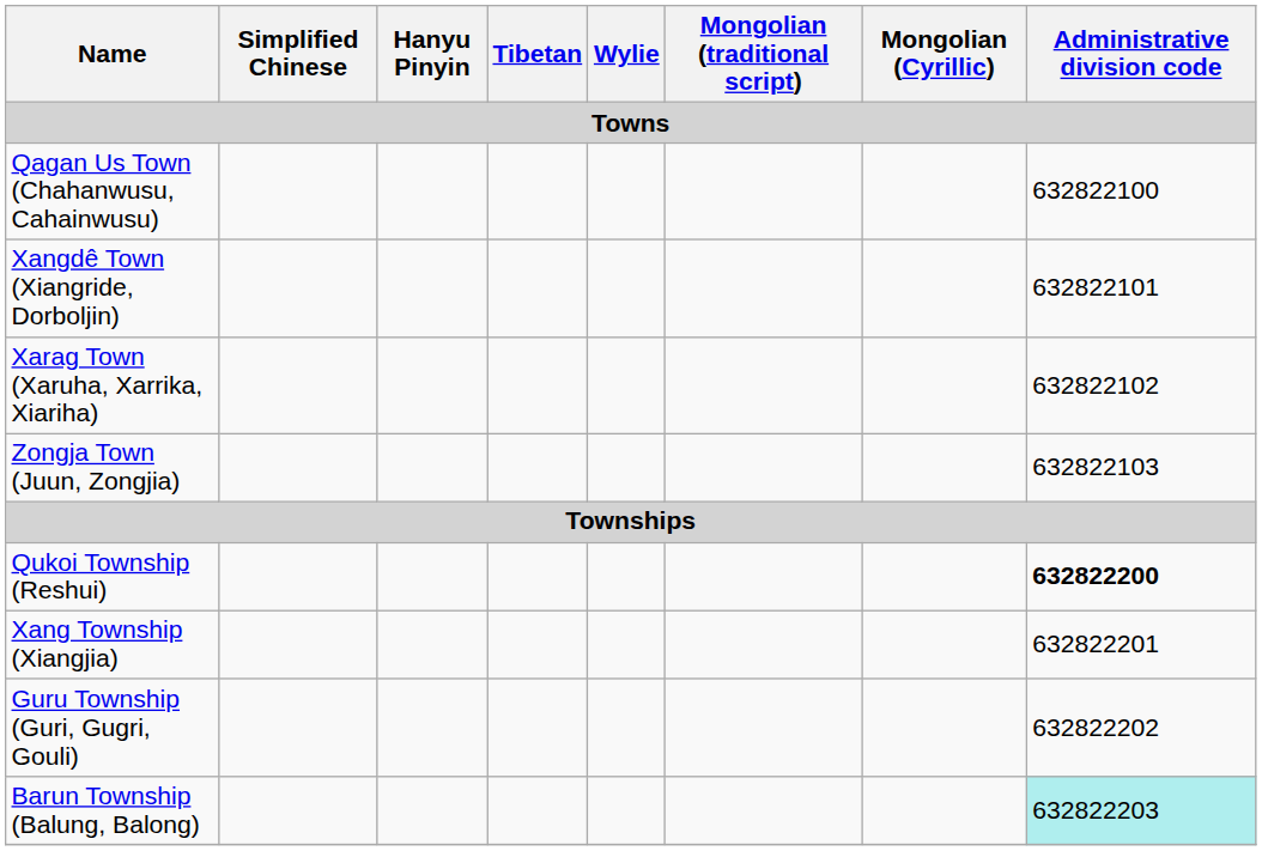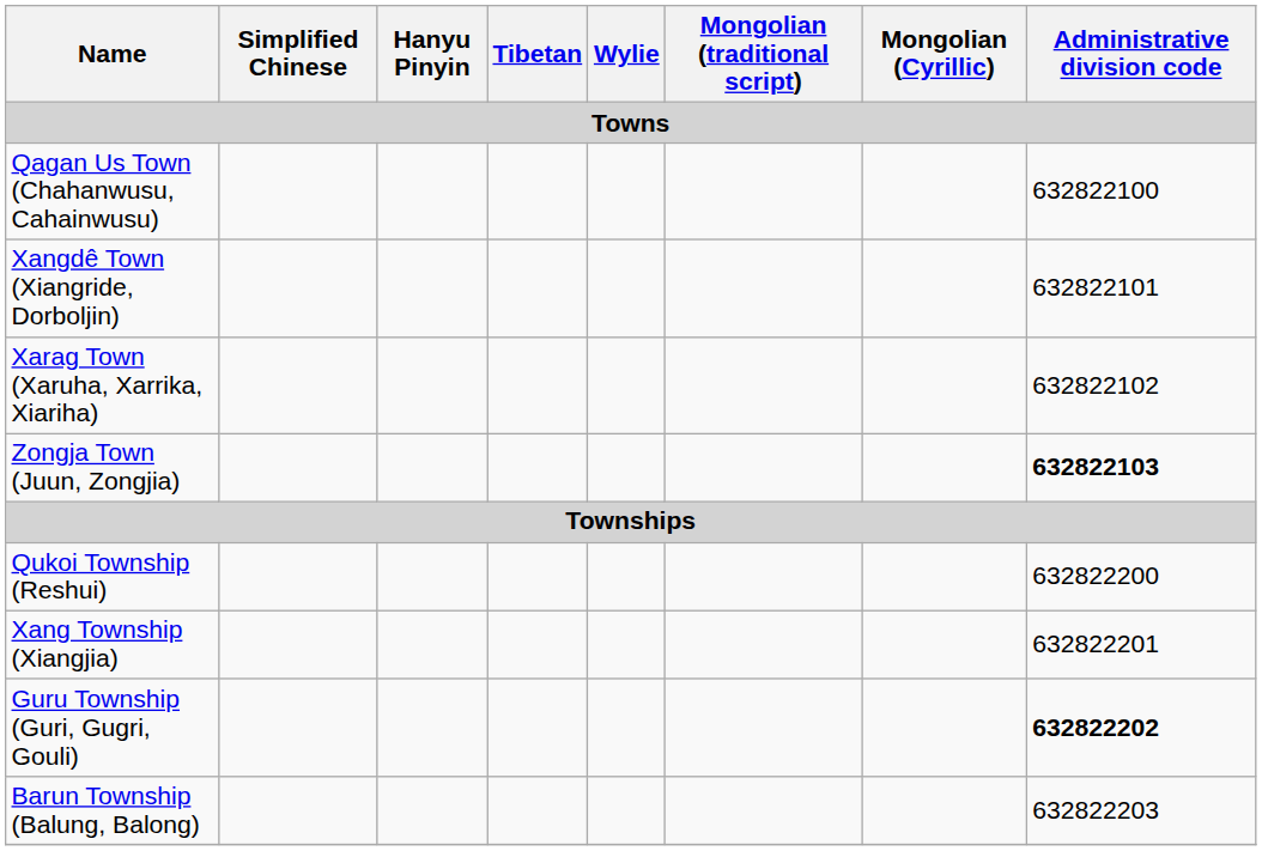 <table class="wikitable" align="center" style="width:50%; border="1">
 <tr>
 <th>Name</th>
 <th>Simplified Chinese</th>
 <th>Hanyu Pinyin</th>
 <th><a href='#'>Tibetan</a></th>
 <th><a href='#'>Wylie</a></th>
 <th><a href='#'>Mongolian</a> (<a href='#'>traditional script</a>)</th>
 <th>Mongolian (<a href='#'>Cyrillic</a>)</th>
 <th><a href='#'>Administrative division code</a></th>
 </tr>
 <tr>
 <td colspan="8"  style="text-align:center; background:#d3d3d3;"><strong>Towns</strong></td>
 </tr>
 <tr --------->
 <td><a href='#'>Qagan Us Town</a><br>(Chahanwusu, Cahainwusu)</td>
 <td></td>
 <td></td>
 <td></td>
 <td></td>
 <td></td>
 <td></td>
 <td>632822100</td>
 </tr>
 <tr>
 <td><a href='#'>Xangdê Town</a><br>(Xiangride, Dorboljin)</td>
 <td></td>
 <td></td>
 <td></td>
 <td></td>
 <td></td>
 <td></td>
 <td>632822101</td>
 </tr>
 <tr>
 <td><a href='#'>Xarag Town</a><br>(Xaruha, Xarrika, Xiariha)</td>
 <td></td>
 <td></td>
 <td></td>
 <td></td>
 <td></td>
 <td></td>
 <td>632822102</td>
 </tr>
 <tr>
 <td><a href='#'>Zongja Town</a><br>(Juun, Zongjia)</td>
 <td></td>
 <td></td>
 <td></td>
 <td></td>
 <td></td>
 <td></td>
-<td>632822103</td>
+<td><strong>632822103</strong></td>
 </tr>
 <tr>
 <td colspan="8"  style="text-align:center; background:#d3d3d3;"><strong>Townships</strong></td>
 </tr>
 <tr --------->
 <td><a href='#'>Qukoi Township</a><br>(Reshui)</td>
 <td></td>
 <td></td>
 <td></td>
 <td></td>
 <td></td>
 <td></td>
-<td><strong>632822200</strong></td>
+<td>632822200</td>
 </tr>
 <tr>
 <td><a href='#'>Xang Township</a><br>(Xiangjia)</td>
 <td></td>
 <td></td>
 <td></td>
 <td></td>
 <td></td>
 <td></td>
 <td>632822201</td>
 </tr>
 <tr>
 <td><a href='#'>Guru Township</a><br>(Guri, Gugri, Gouli)</td>
 <td></td>
 <td></td>
 <td></td>
 <td></td>
 <td></td>
 <td></td>
-<td>632822202</td>
+<td><strong>632822202</strong></td>
 </tr>
 <tr>
 <td><a href='#'>Barun Township</a><br>(Balung, Balong)</td>
 <td></td>
 <td></td>
 <td></td>
 <td></td>
 <td></td>
 <td></td>
-<td style="background: paleturquoise;">632822203</td>
+<td>632822203</td>
 </tr>
 <tr>
 </tr>
 </table>
